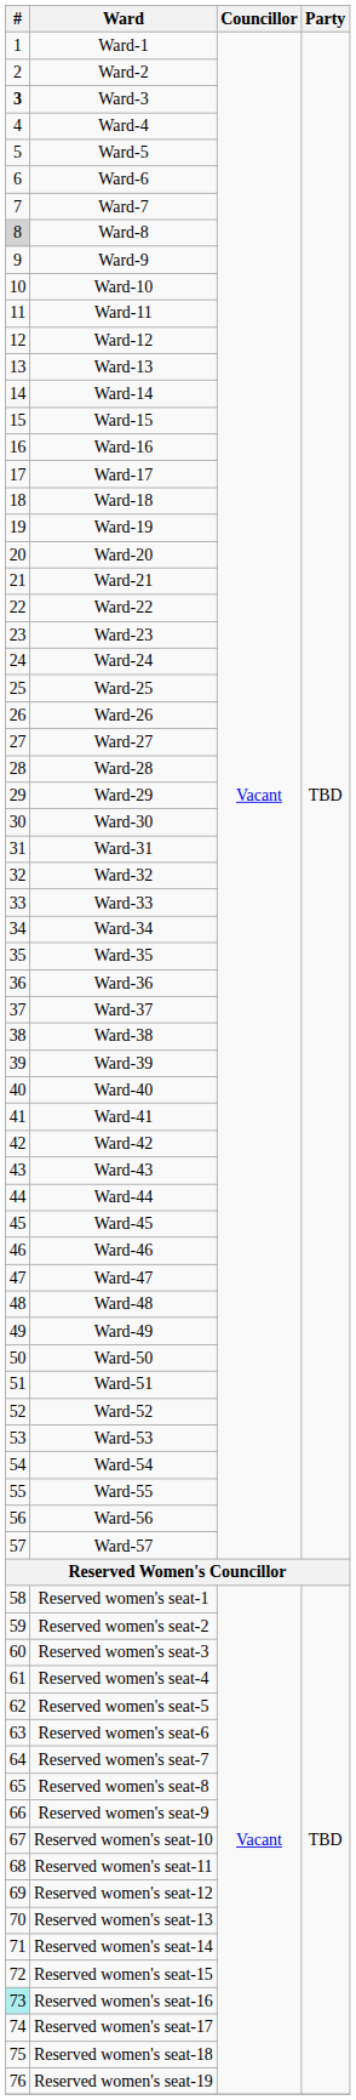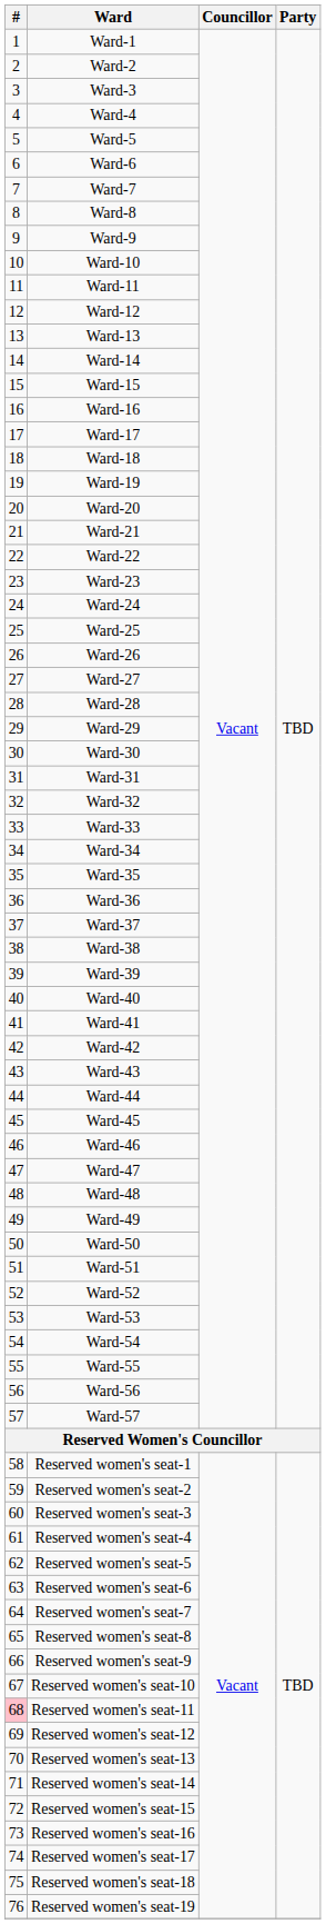 <table class="wikitable sortable" style="text-align:center;">
 <tr>
 <th>#</th>
 <th>Ward</th>
 <th>Councillor</th>
 <th colspan="2">Party</th>
 </tr>
 <tr>
 <td>1</td>
 <td>Ward-1</td>
 <td rowspan="57"><a href='#'>Vacant</a></td>
 <td colspan="2" rowspan="57" bgcolor="">TBD</td>
 </tr>
 <tr>
 <td>2</td>
 <td>Ward-2</td>
 </tr>
 <tr>
-<td><strong>3</strong></td>
+<td>3</td>
 <td>Ward-3</td>
 </tr>
 <tr>
 <td>4</td>
 <td>Ward-4</td>
 </tr>
 <tr>
 <td>5</td>
 <td>Ward-5</td>
 </tr>
 <tr>
 <td>6</td>
 <td>Ward-6</td>
 </tr>
 <tr>
 <td>7</td>
 <td>Ward-7</td>
 </tr>
 <tr>
-<td style="background: lightgrey;">8</td>
+<td>8</td>
 <td>Ward-8</td>
 </tr>
 <tr>
 <td>9</td>
 <td>Ward-9</td>
 </tr>
 <tr>
 <td>10</td>
 <td>Ward-10</td>
 </tr>
 <tr>
 <td>11</td>
 <td>Ward-11</td>
 </tr>
 <tr>
 <td>12</td>
 <td>Ward-12</td>
 </tr>
 <tr>
 <td>13</td>
 <td>Ward-13</td>
 </tr>
 <tr>
 <td>14</td>
 <td>Ward-14</td>
 </tr>
 <tr>
 <td>15</td>
 <td>Ward-15</td>
 </tr>
 <tr>
 <td>16</td>
 <td>Ward-16</td>
 </tr>
 <tr>
 <td>17</td>
 <td>Ward-17</td>
 </tr>
 <tr>
 <td>18</td>
 <td>Ward-18</td>
 </tr>
 <tr>
 <td>19</td>
 <td>Ward-19</td>
 </tr>
 <tr>
 <td>20</td>
 <td>Ward-20</td>
 </tr>
 <tr>
 <td>21</td>
 <td>Ward-21</td>
 </tr>
 <tr>
 <td>22</td>
 <td>Ward-22</td>
 </tr>
 <tr>
 <td>23</td>
 <td>Ward-23</td>
 </tr>
 <tr>
 <td>24</td>
 <td>Ward-24</td>
 </tr>
 <tr>
 <td>25</td>
 <td>Ward-25</td>
 </tr>
 <tr>
 <td>26</td>
 <td>Ward-26</td>
 </tr>
 <tr>
 <td>27</td>
 <td>Ward-27</td>
 </tr>
 <tr>
 <td>28</td>
 <td>Ward-28</td>
 </tr>
 <tr>
 <td>29</td>
 <td>Ward-29</td>
 </tr>
 <tr>
 <td>30</td>
 <td>Ward-30</td>
 </tr>
 <tr>
 <td>31</td>
 <td>Ward-31</td>
 </tr>
 <tr>
 <td>32</td>
 <td>Ward-32</td>
 </tr>
 <tr>
 <td>33</td>
 <td>Ward-33</td>
 </tr>
 <tr>
 <td>34</td>
 <td>Ward-34</td>
 </tr>
 <tr>
 <td>35</td>
 <td>Ward-35</td>
 </tr>
 <tr>
 <td>36</td>
 <td>Ward-36</td>
 </tr>
 <tr>
 <td>37</td>
 <td>Ward-37</td>
 </tr>
 <tr>
 <td>38</td>
 <td>Ward-38</td>
 </tr>
 <tr>
 <td>39</td>
 <td>Ward-39</td>
 </tr>
 <tr>
 <td>40</td>
 <td>Ward-40</td>
 </tr>
 <tr>
 <td>41</td>
 <td>Ward-41</td>
 </tr>
 <tr>
 <td>42</td>
 <td>Ward-42</td>
 </tr>
 <tr>
 <td>43</td>
 <td>Ward-43</td>
 </tr>
 <tr>
 <td>44</td>
 <td>Ward-44</td>
 </tr>
 <tr>
 <td>45</td>
 <td>Ward-45</td>
 </tr>
 <tr>
 <td>46</td>
 <td>Ward-46</td>
 </tr>
 <tr>
 <td>47</td>
 <td>Ward-47</td>
 </tr>
 <tr>
 <td>48</td>
 <td>Ward-48</td>
 </tr>
 <tr>
 <td>49</td>
 <td>Ward-49</td>
 </tr>
 <tr>
 <td>50</td>
 <td>Ward-50</td>
 </tr>
 <tr>
 <td>51</td>
 <td>Ward-51</td>
 </tr>
 <tr>
 <td>52</td>
 <td>Ward-52</td>
 </tr>
 <tr>
 <td>53</td>
 <td>Ward-53</td>
 </tr>
 <tr>
 <td>54</td>
 <td>Ward-54</td>
 </tr>
 <tr>
 <td>55</td>
 <td>Ward-55</td>
 </tr>
 <tr>
 <td>56</td>
 <td>Ward-56</td>
 </tr>
 <tr>
 <td>57</td>
 <td>Ward-57</td>
 </tr>
 <tr>
 <th colspan="5"><strong>Reserved Women's Councillor</strong></th>
 </tr>
 <tr>
 <td>58</td>
 <td>Reserved women's seat-1</td>
 <td rowspan="19"><a href='#'>Vacant</a></td>
 <td colspan="2" rowspan="19" bgcolor="">TBD</td>
 </tr>
 <tr>
 <td>59</td>
 <td>Reserved women's seat-2</td>
 </tr>
 <tr>
 <td>60</td>
 <td>Reserved women's seat-3</td>
 </tr>
 <tr>
 <td>61</td>
 <td>Reserved women's seat-4</td>
 </tr>
 <tr>
 <td>62</td>
 <td>Reserved women's seat-5</td>
 </tr>
 <tr>
 <td>63</td>
 <td>Reserved women's seat-6</td>
 </tr>
 <tr>
 <td>64</td>
 <td>Reserved women's seat-7</td>
 </tr>
 <tr>
 <td>65</td>
 <td>Reserved women's seat-8</td>
 </tr>
 <tr>
 <td>66</td>
 <td>Reserved women's seat-9</td>
 </tr>
 <tr>
 <td>67</td>
 <td>Reserved women's seat-10</td>
 </tr>
 <tr>
-<td>68</td>
+<td style="background: pink;">68</td>
 <td>Reserved women's seat-11</td>
 </tr>
 <tr>
 <td>69</td>
 <td>Reserved women's seat-12</td>
 </tr>
 <tr>
 <td>70</td>
 <td>Reserved women's seat-13</td>
 </tr>
 <tr>
 <td>71</td>
 <td>Reserved women's seat-14</td>
 </tr>
 <tr>
 <td>72</td>
 <td>Reserved women's seat-15</td>
 </tr>
 <tr>
-<td style="background: paleturquoise;">73</td>
+<td>73</td>
 <td>Reserved women's seat-16</td>
 </tr>
 <tr>
 <td>74</td>
 <td>Reserved women's seat-17</td>
 </tr>
 <tr>
 <td>75</td>
 <td>Reserved women's seat-18</td>
 </tr>
 <tr>
 <td>76</td>
 <td>Reserved women's seat-19</td>
 </tr>
 <tr>
 </tr>
 </table>
